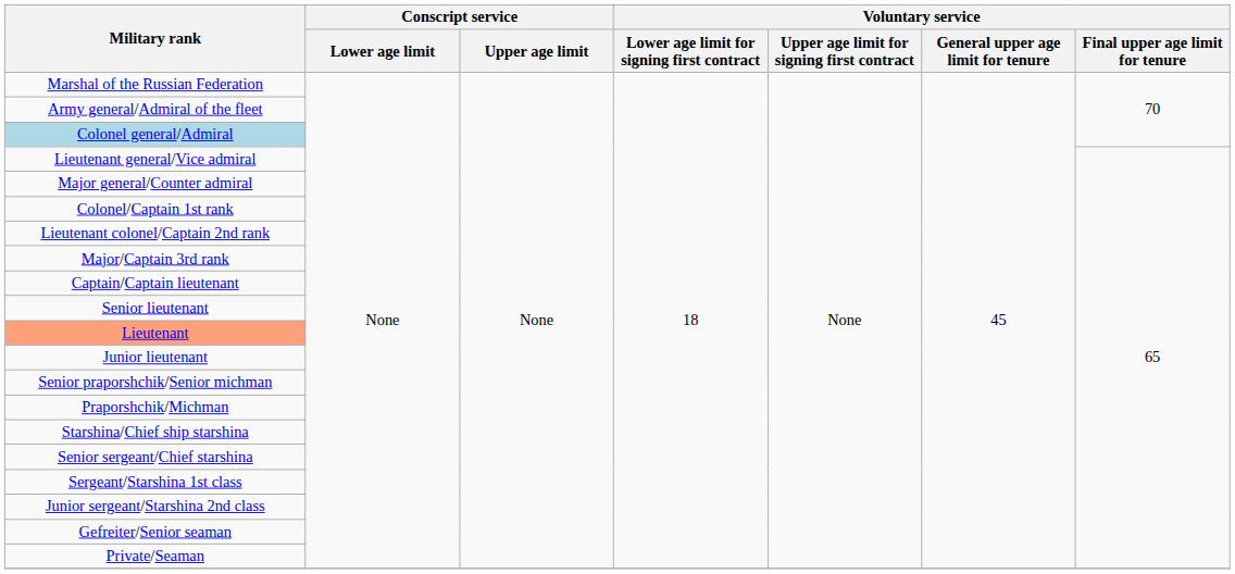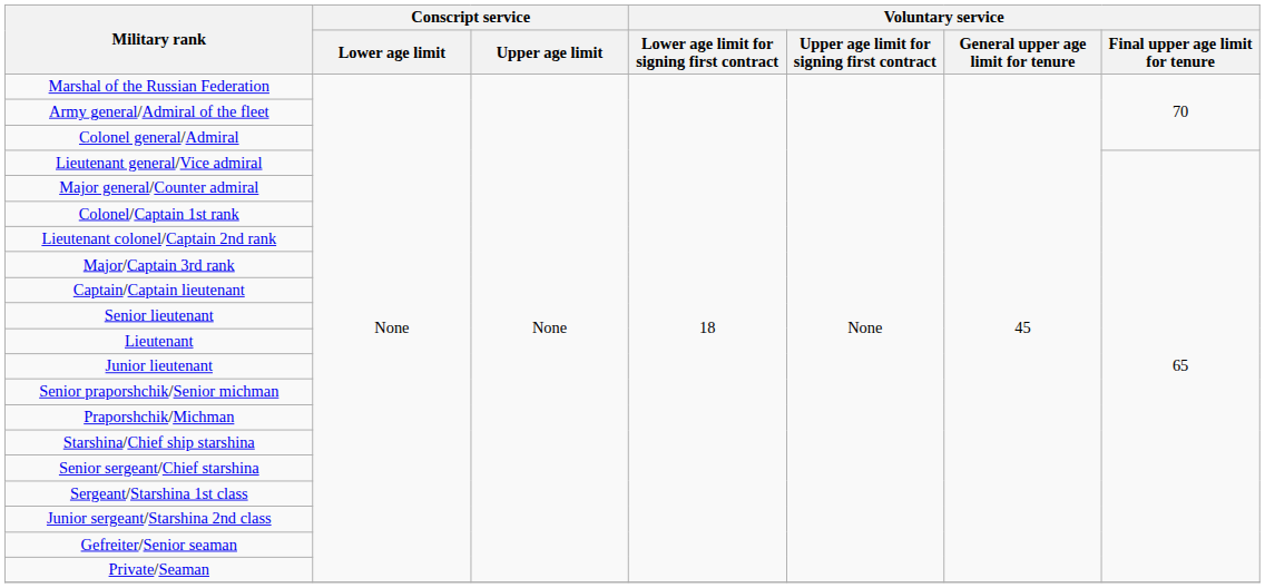 <table class="wikitable">
 <tr>
 <th rowspan="2" style="text-align: center; width: 300px;">Military rank</th>
 <th colspan="2" style="text-align: center; width: 300px;">Conscript service</th>
 <th colspan="4" style="text-align: center; width: 600px;">Voluntary service</th>
 </tr>
 <tr>
 <th style="text-align: center; width: 150px;">Lower age limit</th>
 <th style="text-align: center; width: 150px;">Upper age limit</th>
 <th style="text-align: center; width: 150px;">Lower age limit for signing first contract</th>
 <th style="text-align: center; width: 150px;">Upper age limit for signing first contract</th>
 <th style="text-align: center; width: 150px;">General upper age limit for tenure</th>
 <th style="text-align: center; width: 150px;">Final upper age limit for tenure</th>
 </tr>
 <tr>
 <td style="text-align: center; width: 300px;"><a href='#'>Marshal of the Russian Federation</a></td>
 <td style="text-align: center; width: 150px;" rowspan=20>None</td>
 <td style="text-align: center; width: 150px;" rowspan=20>None</td>
 <td style="text-align: center; width: 150px;" rowspan=20>18</td>
 <td style="text-align: center; width: 150px;" rowspan=20>None</td>
 <td style="text-align: center; width: 150px;" rowspan=20>45</td>
 <td style="text-align: center; width: 150px;" rowspan=3>70</td>
 </tr>
 <tr>
 <td style="text-align: center; width: 300px;"><a href='#'>Army general</a>/<a href='#'>Admiral of the fleet</a></td>
 </tr>
 <tr>
-<td style="background: lightblue; text-align: center; width: 300px;"><a href='#'>Colonel general</a>/<a href='#'>Admiral</a></td>
+<td style="text-align: center; width: 300px;"><a href='#'>Colonel general</a>/<a href='#'>Admiral</a></td>
 </tr>
 <tr>
 <td style="text-align: center; width: 300px;"><a href='#'>Lieutenant general</a>/<a href='#'>Vice admiral</a></td>
 <td style="text-align: center; width: 150px;" rowspan=17>65</td>
 </tr>
 <tr>
 <td style="text-align: center; width: 300px;"><a href='#'>Major general</a>/<a href='#'>Counter admiral</a></td>
 </tr>
 <tr>
 <td style="text-align: center; width: 300px;"><a href='#'>Colonel</a>/<a href='#'>Captain 1st rank</a></td>
 </tr>
 <tr>
 <td style="text-align: center; width: 300px;"><a href='#'>Lieutenant colonel</a>/<a href='#'>Captain 2nd rank</a></td>
 </tr>
 <tr>
 <td style="text-align: center; width: 300px;"><a href='#'>Major</a>/<a href='#'>Captain 3rd rank</a></td>
 </tr>
 <tr>
 <td style="text-align: center; width: 300px;"><a href='#'>Captain</a>/<a href='#'>Captain lieutenant</a></td>
 </tr>
 <tr>
 <td style="text-align: center; width: 300px;"><a href='#'>Senior lieutenant</a></td>
 </tr>
 <tr>
-<td style="background: lightsalmon; text-align: center; width: 300px;"><a href='#'>Lieutenant</a></td>
+<td style="text-align: center; width: 300px;"><a href='#'>Lieutenant</a></td>
 </tr>
 <tr>
 <td style="text-align: center; width: 300px;"><a href='#'>Junior lieutenant</a></td>
 </tr>
 <tr>
 <td style="text-align: center; width: 300px;"><a href='#'>Senior praporshchik</a>/<a href='#'>Senior michman</a></td>
 </tr>
 <tr>
 <td style="text-align: center; width: 300px;"><a href='#'>Praporshchik</a>/<a href='#'>Michman</a></td>
 </tr>
 <tr>
 <td style="text-align: center; width: 300px;"><a href='#'>Starshina</a>/<a href='#'>Chief ship starshina</a></td>
 </tr>
 <tr>
 <td style="text-align: center; width: 300px;"><a href='#'>Senior sergeant</a>/<a href='#'>Chief starshina</a></td>
 </tr>
 <tr>
 <td style="text-align: center; width: 300px;"><a href='#'>Sergeant</a>/<a href='#'>Starshina 1st class</a></td>
 </tr>
 <tr>
 <td style="text-align: center; width: 300px;"><a href='#'>Junior sergeant</a>/<a href='#'>Starshina 2nd class</a></td>
 </tr>
 <tr>
 <td style="text-align: center; width: 300px;"><a href='#'>Gefreiter</a>/<a href='#'>Senior seaman</a></td>
 </tr>
 <tr>
 <td style="text-align: center; width: 300px;"><a href='#'>Private</a>/<a href='#'>Seaman</a></td>
 </tr>
 <tr>
 </tr>
 </table>
